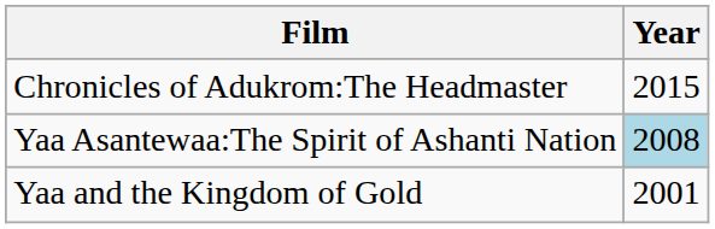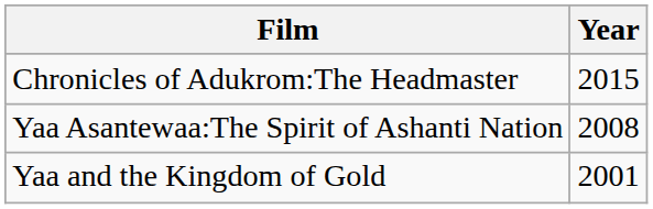 <table class="wikitable">
 <tr>
 <th>Film</th>
 <th>Year</th>
 </tr>
 <tr>
 <td>Chronicles of Adukrom:The Headmaster</td>
 <td>2015</td>
 </tr>
 <tr>
 <td>Yaa Asantewaa:The Spirit of Ashanti Nation</td>
-<td style="background: lightblue;">2008</td>
+<td>2008</td>
 </tr>
 <tr>
 <td>Yaa and the Kingdom of Gold</td>
 <td>2001</td>
 </tr>
 </table>
